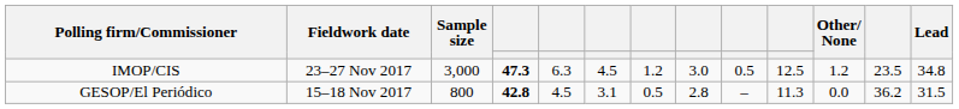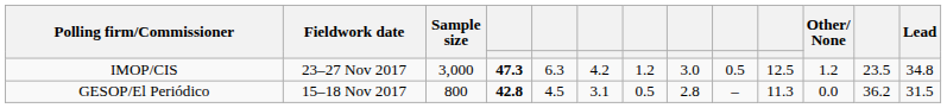 <table class="wikitable collapsible collapsed" style="text-align:center; font-size:90%; line-height:14px;">
 <tr style="height:42px;">
 <th style="width:250px;" rowspan="2">Polling firm/Commissioner</th>
 <th style="width:125px;" rowspan="2">Fieldwork date</th>
 <th style="width:50px;" rowspan="2">Sample size</th>
 <th style="width:35px;"></th>
 <th style="width:35px;"></th>
 <th style="width:35px;"></th>
 <th style="width:35px;"></th>
 <th style="width:35px;"></th>
 <th style="width:35px;"></th>
 <th style="width:35px;"></th>
 <th style="width:35px;" rowspan="2">Other/<br>None</th>
 <th style="width:35px;" rowspan="2"></th>
 <th style="width:30px;" rowspan="2">Lead</th>
 </tr>
 <tr>
 <th style="color:inherit;background:"></th>
 <th style="color:inherit;background:"></th>
 <th style="color:inherit;background:"></th>
 <th style="color:inherit;background:"></th>
 <th style="color:inherit;background:"></th>
 <th style="color:inherit;background:"></th>
 <th style="color:inherit;background:"></th>
 </tr>
 <tr>
 <td>IMOP/CIS</td>
 <td>23–27 Nov 2017</td>
 <td>3,000</td>
 <td><strong>47.3</strong></td>
 <td>6.3</td>
-<td>4.5</td>
+<td>4.2</td>
 <td>1.2</td>
 <td>3.0</td>
 <td>0.5</td>
 <td>12.5</td>
 <td>1.2</td>
 <td>23.5</td>
 <td style="background:">34.8</td>
 </tr>
 <tr>
 <td>GESOP/El Periódico</td>
 <td>15–18 Nov 2017</td>
 <td>800</td>
 <td><strong>42.8</strong></td>
 <td>4.5</td>
 <td>3.1</td>
 <td>0.5</td>
 <td>2.8</td>
 <td>–</td>
 <td>11.3</td>
 <td>0.0</td>
 <td>36.2</td>
 <td style="background:">31.5</td>
 </tr>
 </table>
